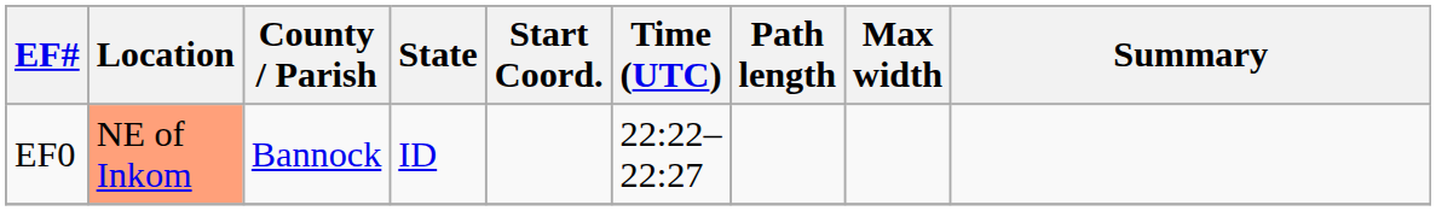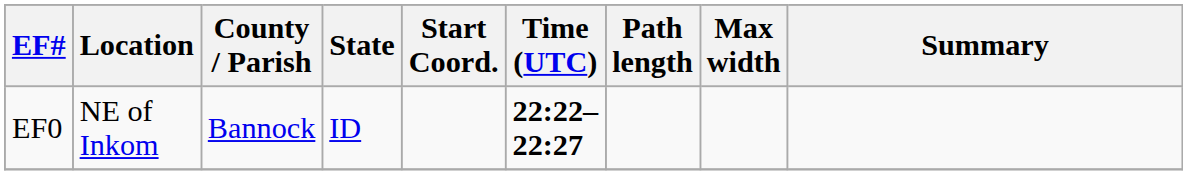 <table class="wikitable sortable" style="width:100%;">
 <tr>
 <th scope="col"  style="width:3%; text-align:center;"><a href='#'>EF#</a></th>
 <th scope="col"  style="width:7%; text-align:center;" class="unsortable">Location</th>
 <th scope="col"  style="width:6%; text-align:center;" class="unsortable">County / Parish</th>
 <th scope="col"  style="width:5%; text-align:center;">State</th>
 <th scope="col"  style="width:6%; text-align:center;">Start Coord.</th>
 <th scope="col"  style="width:6%; text-align:center;">Time (<a href='#'>UTC</a>)</th>
 <th scope="col"  style="width:6%; text-align:center;">Path length</th>
 <th scope="col"  style="width:6%; text-align:center;">Max width</th>
 <th scope="col" class="unsortable" style="width:48%; text-align:center;">Summary</th>
 </tr>
 <tr>
 <td>EF0</td>
-<td style="background: lightsalmon;">NE of <a href='#'>Inkom</a></td>
+<td>NE of <a href='#'>Inkom</a></td>
 <td><a href='#'>Bannock</a></td>
 <td><a href='#'>ID</a></td>
 <td></td>
-<td>22:22–22:27</td>
+<td><strong>22:22–22:27</strong></td>
 <td></td>
 <td></td>
 <td></td>
 </tr>
 <tr>
 </tr>
 </table>
